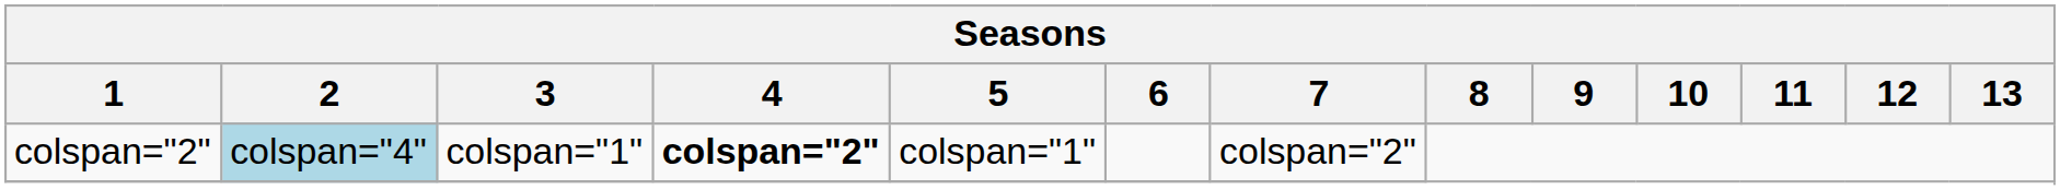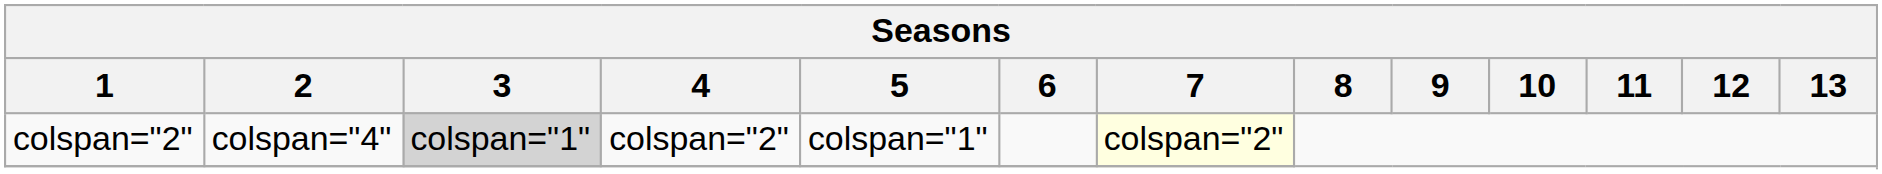 <table class="wikitable plainrowheaders" style="width:100%;">
 <tr>
 <th colspan="13">Seasons</th>
 </tr>
 <tr>
 <th style="width:5%;">1</th>
 <th style="width:5%;">2</th>
 <th style="width:5%;">3</th>
 <th style="width:5%;">4</th>
 <th style="width:5%;">5</th>
 <th style="width:5%;">6</th>
 <th style="width:5%;">7</th>
 <th style="width:5%;">8</th>
 <th style="width:5%;">9</th>
 <th style="width:5%;">10</th>
 <th style="width:5%;">11</th>
 <th style="width:5%;">12</th>
 <th style="width:5%;">13</th>
 </tr>
 <tr>
 <td>colspan="2" </td>
-<td style="background: lightblue;">colspan="4" </td>
-<td>colspan="1" </td>
-<td><strong>colspan="2" </strong></td>
+<td>colspan="4" </td>
+<td style="background: lightgrey;">colspan="1" </td>
+<td>colspan="2" </td>
 <td>colspan="1" </td>
 <td></td>
-<td>colspan="2" </td>
+<td style="background: lightyellow;">colspan="2" </td>
 </tr>
 <tr>
 </tr>
 </table>
